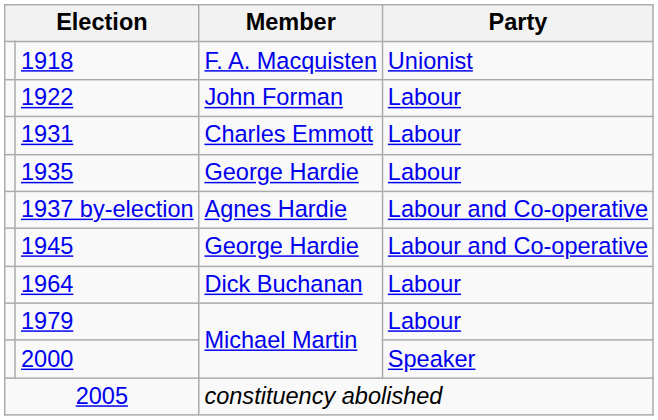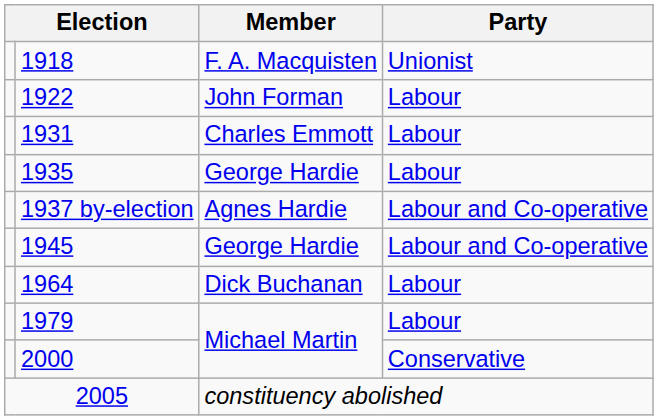 <table class="wikitable">
 <tr>
 <th colspan="2">Election</th>
 <th>Member</th>
 <th>Party</th>
 </tr>
 <tr>
 <td style="color:inherit;background-color: "></td>
 <td><a href='#'>1918</a></td>
 <td><a href='#'>F. A. Macquisten</a></td>
 <td><a href='#'>Unionist</a></td>
 </tr>
 <tr>
 <td style="color:inherit;background-color: "></td>
 <td><a href='#'>1922</a></td>
 <td><a href='#'>John Forman</a></td>
 <td><a href='#'>Labour</a></td>
 </tr>
 <tr>
 <td style="color:inherit;background-color: "></td>
 <td><a href='#'>1931</a></td>
 <td><a href='#'>Charles Emmott</a></td>
 <td><a href='#'>Labour</a></td>
 </tr>
 <tr>
 <td style="color:inherit;background-color: "></td>
 <td><a href='#'>1935</a></td>
 <td><a href='#'>George Hardie</a></td>
 <td><a href='#'>Labour</a></td>
 </tr>
 <tr>
 <td style="color:inherit;background-color: "></td>
 <td><a href='#'>1937 by-election</a></td>
 <td><a href='#'>Agnes Hardie</a></td>
 <td><a href='#'>Labour and Co-operative</a></td>
 </tr>
 <tr>
 <td style="color:inherit;background-color: "></td>
 <td><a href='#'>1945</a></td>
 <td><a href='#'>George Hardie</a></td>
 <td><a href='#'>Labour and Co-operative</a></td>
 </tr>
 <tr>
 <td style="color:inherit;background-color: "></td>
 <td><a href='#'>1964</a></td>
 <td><a href='#'>Dick Buchanan</a></td>
 <td><a href='#'>Labour</a></td>
 </tr>
 <tr>
 <td style="color:inherit;background-color: "></td>
 <td><a href='#'>1979</a></td>
 <td rowspan="2"><a href='#'>Michael Martin</a></td>
 <td><a href='#'>Labour</a></td>
 </tr>
 <tr>
 <td style="color:inherit;background-color: "></td>
 <td><a href='#'>2000</a></td>
-<td><a href='#'>Speaker</a></td>
+<td><a href='#'>Conservative</a></td>
 </tr>
 <tr>
 <td colspan="2" align="center"><a href='#'>2005</a></td>
 <td colspan="2"><em>constituency abolished</em></td>
 </tr>
 </table>
